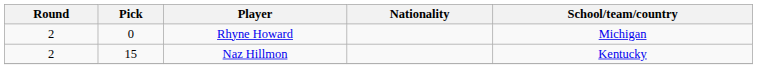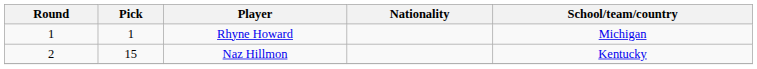 <table class="wikitable" style="text-align:center; width:60em">
 <tr>
 <th>Round</th>
 <th>Pick</th>
 <th>Player</th>
 <th>Nationality</th>
 <th>School/team/country</th>
 </tr>
 <tr>
-<td>2</td>
-<td>0</td>
+<td>1</td>
+<td>1</td>
 <td><a href='#'>Rhyne Howard</a></td>
 <td></td>
 <td><a href='#'>Michigan</a></td>
 </tr>
 <tr>
 <td>2</td>
 <td>15</td>
 <td><a href='#'>Naz Hillmon</a></td>
 <td></td>
 <td><a href='#'>Kentucky</a></td>
 </tr>
 <tr>
 </tr>
 </table>
